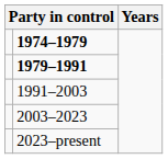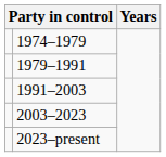 <table class="wikitable">
 <tr>
 <th colspan=2>Party in control</th>
 <th>Years</th>
 </tr>
 <tr>
 <td></td>
-<td><strong>1974–1979</strong></td>
+<td>1974–1979</td>
 </tr>
 <tr>
 <td></td>
-<td><strong>1979–1991</strong></td>
+<td>1979–1991</td>
 </tr>
 <tr>
 <td></td>
 <td>1991–2003</td>
 </tr>
 <tr>
 <td></td>
 <td>2003–2023</td>
 </tr>
 <tr>
 <td></td>
 <td>2023–present</td>
 </tr>
 </table>
